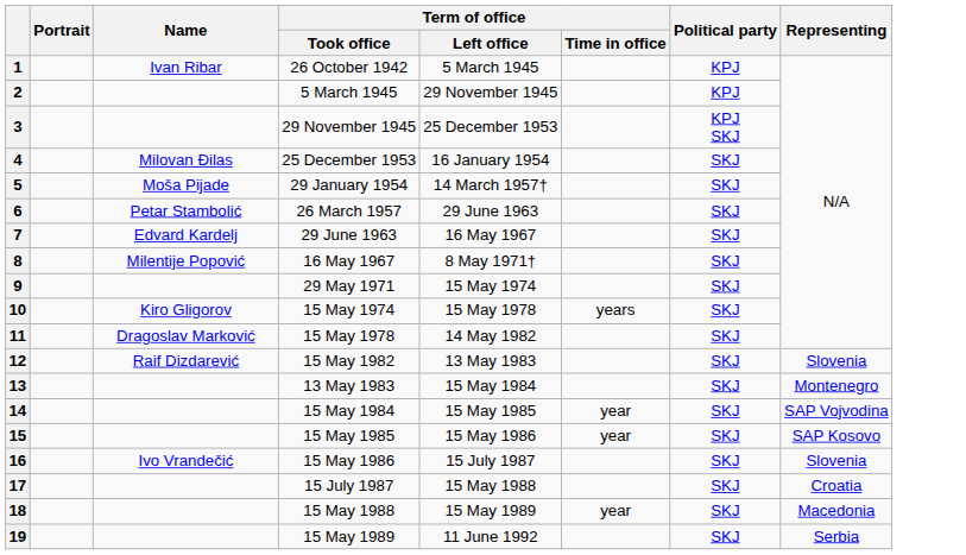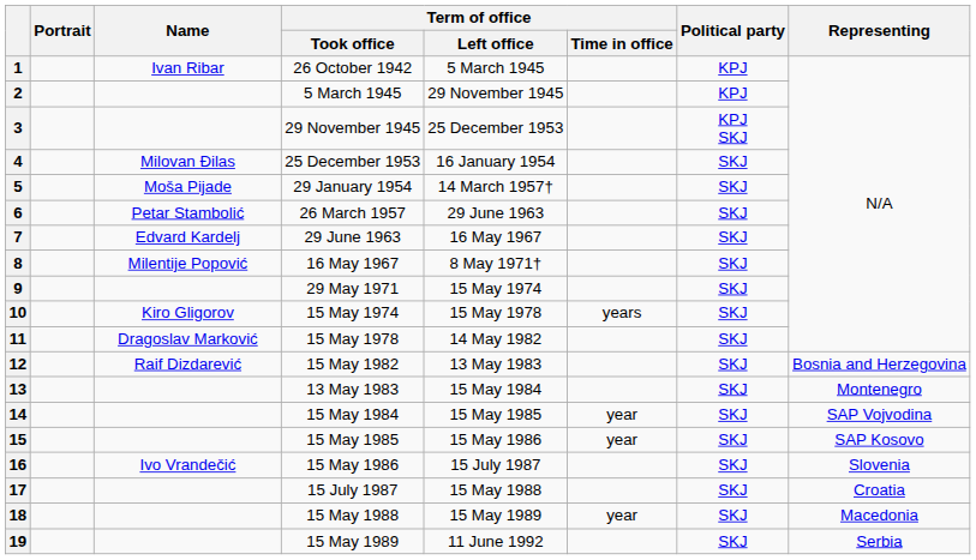 <table class="wikitable" style="text-align:center">
 <tr>
 <th rowspan=2></th>
 <th rowspan=2>Portrait</th>
 <th rowspan=2 width=180>Name<br></th>
 <th colspan=3>Term of office</th>
 <th rowspan=2>Political party</th>
 <th rowspan=2>Representing</th>
 </tr>
 <tr>
 <th>Took office</th>
 <th>Left office</th>
 <th>Time in office</th>
 </tr>
 <tr>
 <th style="background:">1</th>
 <td></td>
 <td><a href='#'>Ivan Ribar</a><br></td>
 <td>26 October 1942</td>
 <td>5 March 1945</td>
 <td></td>
 <td><a href='#'>KPJ</a></td>
 <td rowspan=11>N/A</td>
 </tr>
 <tr>
 <th style="background:">2</th>
 <td></td>
 <td><br></td>
 <td>5 March 1945</td>
 <td>29 November 1945</td>
 <td></td>
 <td><a href='#'>KPJ</a></td>
 </tr>
 <tr>
 <th style="background:">3</th>
 <td></td>
 <td><br></td>
 <td>29 November 1945</td>
 <td>25 December 1953</td>
 <td></td>
 <td><a href='#'>KPJ</a><br><a href='#'>SKJ</a></td>
 </tr>
 <tr>
 <th style="background:">4</th>
 <td></td>
 <td><a href='#'>Milovan Đilas</a><br></td>
 <td>25 December 1953</td>
 <td>16 January 1954</td>
 <td></td>
 <td><a href='#'>SKJ</a></td>
 </tr>
 <tr>
 <th style="background:">5</th>
 <td></td>
 <td><a href='#'>Moša Pijade</a><br></td>
 <td>29 January 1954</td>
 <td>14 March 1957†</td>
 <td></td>
 <td><a href='#'>SKJ</a></td>
 </tr>
 <tr>
 <th style="background:">6</th>
 <td></td>
 <td><a href='#'>Petar Stambolić</a><br></td>
 <td>26 March 1957</td>
 <td>29 June 1963</td>
 <td></td>
 <td><a href='#'>SKJ</a></td>
 </tr>
 <tr>
 <th style="background:">7</th>
 <td></td>
 <td><a href='#'>Edvard Kardelj</a><br></td>
 <td>29 June 1963</td>
 <td>16 May 1967</td>
 <td></td>
 <td><a href='#'>SKJ</a></td>
 </tr>
 <tr>
 <th style="background:">8</th>
 <td></td>
 <td><a href='#'>Milentije Popović</a><br></td>
 <td>16 May 1967</td>
 <td>8 May 1971†</td>
 <td></td>
 <td><a href='#'>SKJ</a></td>
 </tr>
 <tr>
 <th style="background:">9</th>
 <td></td>
 <td><br></td>
 <td>29 May 1971</td>
 <td>15 May 1974</td>
 <td></td>
 <td><a href='#'>SKJ</a></td>
 </tr>
 <tr>
 <th style="background:">10</th>
 <td></td>
 <td><a href='#'>Kiro Gligorov</a><br></td>
 <td>15 May 1974</td>
 <td>15 May 1978</td>
 <td> years</td>
 <td><a href='#'>SKJ</a></td>
 </tr>
 <tr>
 <th style="background:">11</th>
 <td></td>
 <td><a href='#'>Dragoslav Marković</a><br></td>
 <td>15 May 1978</td>
 <td>14 May 1982</td>
 <td></td>
 <td><a href='#'>SKJ</a></td>
 </tr>
 <tr>
 <th style="background:">12</th>
 <td></td>
 <td><a href='#'>Raif Dizdarević</a><br></td>
 <td>15 May 1982</td>
 <td>13 May 1983</td>
 <td></td>
 <td><a href='#'>SKJ</a></td>
-<td><a href='#'>Slovenia</a></td>
+<td><a href='#'>Bosnia and Herzegovina</a></td>
 </tr>
 <tr>
 <th style="background:">13</th>
 <td></td>
 <td><br></td>
 <td>13 May 1983</td>
 <td>15 May 1984</td>
 <td></td>
 <td><a href='#'>SKJ</a></td>
 <td><a href='#'>Montenegro</a></td>
 </tr>
 <tr>
 <th style="background:">14</th>
 <td></td>
 <td><br></td>
 <td>15 May 1984</td>
 <td>15 May 1985</td>
 <td> year</td>
 <td><a href='#'>SKJ</a></td>
 <td><a href='#'>SAP Vojvodina</a></td>
 </tr>
 <tr>
 <th style="background:">15</th>
 <td></td>
 <td><br></td>
 <td>15 May 1985</td>
 <td>15 May 1986</td>
 <td> year</td>
 <td><a href='#'>SKJ</a></td>
 <td><a href='#'>SAP Kosovo</a></td>
 </tr>
 <tr>
 <th style="background:">16</th>
 <td></td>
 <td><a href='#'>Ivo Vrandečić</a><br></td>
 <td>15 May 1986</td>
 <td>15 July 1987</td>
 <td></td>
 <td><a href='#'>SKJ</a></td>
 <td><a href='#'>Slovenia</a></td>
 </tr>
 <tr>
 <th style="background:">17</th>
 <td></td>
 <td><br></td>
 <td>15 July 1987</td>
 <td>15 May 1988</td>
 <td></td>
 <td><a href='#'>SKJ</a></td>
 <td><a href='#'>Croatia</a></td>
 </tr>
 <tr>
 <th style="background:">18</th>
 <td></td>
 <td><br></td>
 <td>15 May 1988</td>
 <td>15 May 1989</td>
 <td> year</td>
 <td><a href='#'>SKJ</a></td>
 <td><a href='#'>Macedonia</a></td>
 </tr>
 <tr>
 <th style="background:">19</th>
 <td></td>
 <td><br></td>
 <td>15 May 1989</td>
 <td>11 June 1992</td>
 <td></td>
 <td><a href='#'>SKJ</a></td>
 <td><a href='#'>Serbia</a></td>
 </tr>
 </table>
